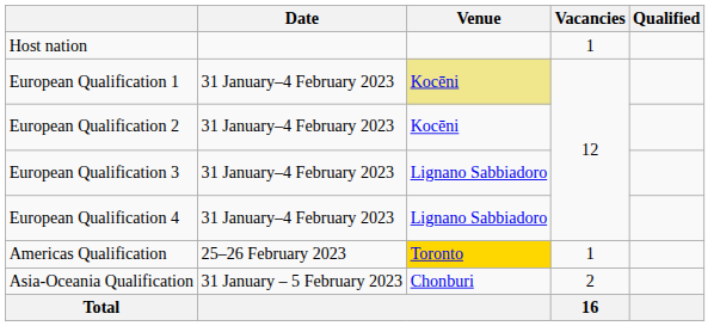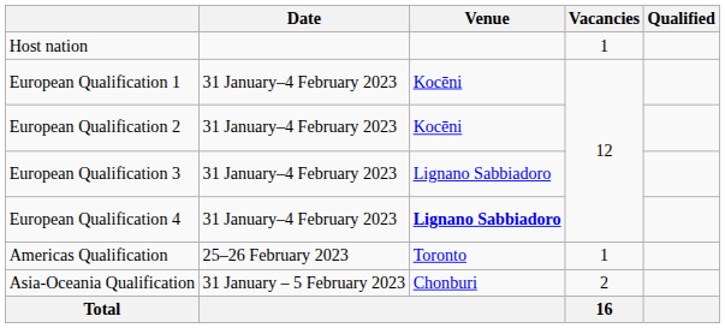 <table class="wikitable">
 <tr>
 <th></th>
 <th>Date</th>
 <th>Venue</th>
 <th>Vacancies</th>
 <th>Qualified</th>
 </tr>
 <tr>
 <td>Host nation</td>
 <td></td>
 <td></td>
 <td align="center">1</td>
 <td></td>
 </tr>
 <tr>
 <td>European Qualification 1</td>
 <td>31 January–4 February 2023</td>
-<td style="background: khaki;"> <a href='#'>Kocēni</a></td>
+<td> <a href='#'>Kocēni</a></td>
 <td rowspan=4 align=center>12</td>
 <td><br><br></td>
 </tr>
 <tr>
 <td>European Qualification 2</td>
 <td>31 January–4 February 2023</td>
 <td> <a href='#'>Kocēni</a></td>
 <td><br><br></td>
 </tr>
 <tr>
 <td>European Qualification 3</td>
 <td>31 January–4 February 2023</td>
 <td> <a href='#'>Lignano Sabbiadoro</a></td>
 <td><br><br></td>
 </tr>
 <tr>
 <td>European Qualification 4</td>
 <td>31 January–4 February 2023</td>
-<td> <a href='#'>Lignano Sabbiadoro</a></td>
+<td><strong> <a href='#'>Lignano Sabbiadoro</a></strong></td>
 <td><br><br></td>
 </tr>
 <tr>
 <td>Americas Qualification</td>
 <td>25–26 February 2023</td>
-<td style="background: gold;"> <a href='#'>Toronto</a></td>
+<td> <a href='#'>Toronto</a></td>
 <td align=center>1</td>
 <td></td>
 </tr>
 <tr>
 <td>Asia-Oceania Qualification</td>
 <td>31 January – 5 February 2023<br></td>
 <td> <a href='#'>Chonburi</a></td>
 <td align=center>2</td>
 <td><br></td>
 </tr>
 <tr>
 <th>Total</th>
 <th colspan=2></th>
 <th>16</th>
 <th></th>
 </tr>
 </table>
